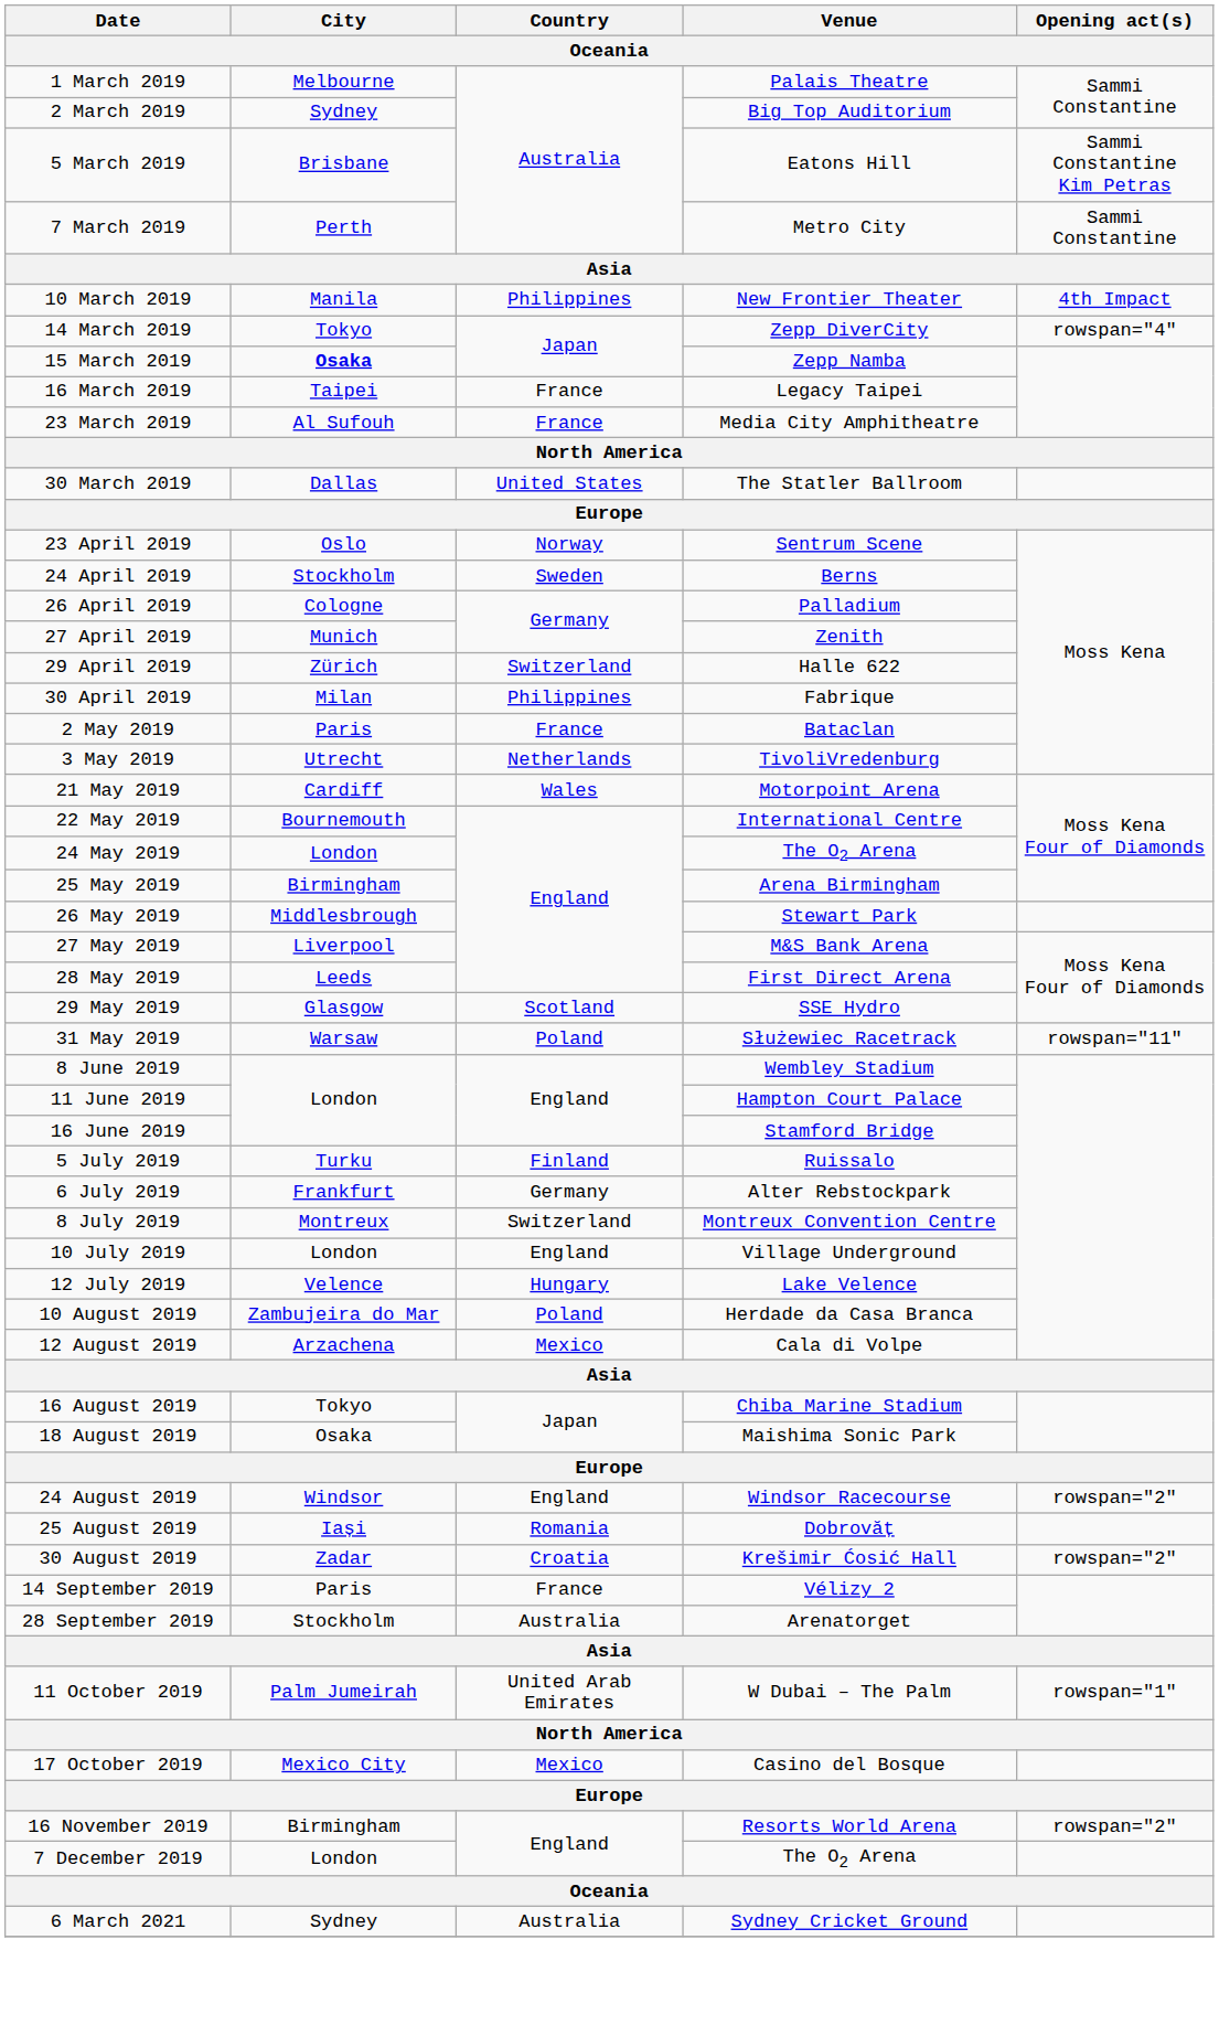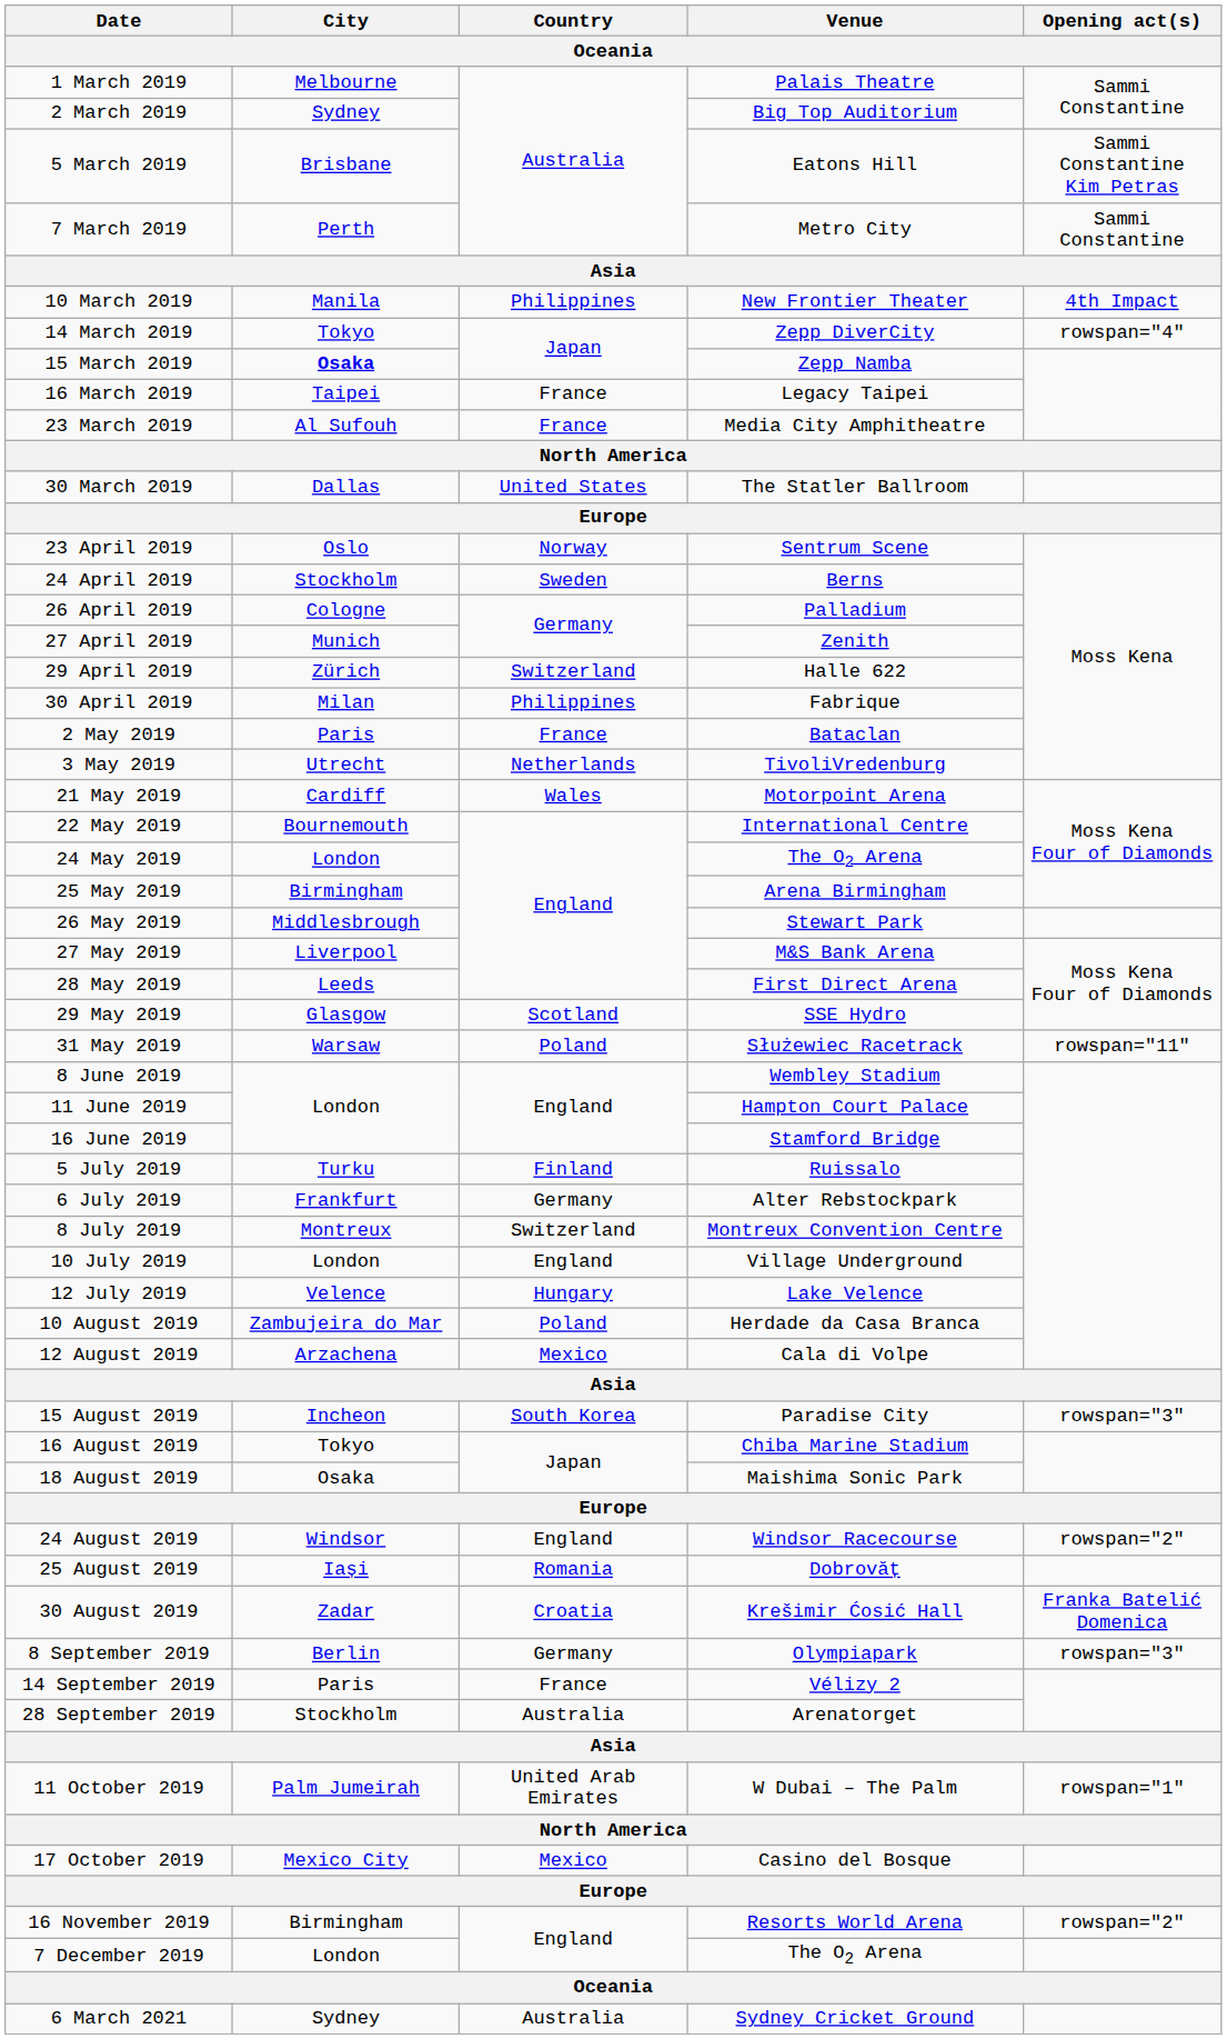 <table class="wikitable" style="text-align:center;">
 <tr>
 <th style="width:150px;">Date</th>
 <th style="width:150px;">City</th>
 <th style="width:150px;">Country</th>
 <th style="width:225px;">Venue</th>
 <th scope="col" style="width:10em;">Opening act(s)</th>
 </tr>
 <tr>
 <th scope="row" colspan="5">Oceania</th>
 </tr>
 <tr>
 <td>1 March 2019</td>
 <td><a href='#'>Melbourne</a></td>
 <td rowspan="4"><a href='#'>Australia</a></td>
 <td><a href='#'>Palais Theatre</a></td>
 <td rowspan="2">Sammi Constantine</td>
 </tr>
 <tr>
 <td>2 March 2019</td>
 <td><a href='#'>Sydney</a></td>
 <td><a href='#'>Big Top Auditorium</a></td>
 </tr>
 <tr>
 <td>5 March 2019</td>
 <td><a href='#'>Brisbane</a></td>
 <td>Eatons Hill</td>
 <td>Sammi Constantine<br><a href='#'>Kim Petras</a></td>
 </tr>
 <tr>
 <td>7 March 2019</td>
 <td><a href='#'>Perth</a></td>
 <td>Metro City</td>
 <td>Sammi Constantine</td>
 </tr>
 <tr>
 <th scope="row" colspan="5">Asia</th>
 </tr>
 <tr>
 <td>10 March 2019</td>
 <td><a href='#'>Manila</a></td>
 <td><a href='#'>Philippines</a></td>
 <td><a href='#'>New Frontier Theater</a></td>
 <td><a href='#'>4th Impact</a></td>
 </tr>
 <tr>
 <td>14 March 2019</td>
 <td><a href='#'>Tokyo</a></td>
 <td rowspan="2"><a href='#'>Japan</a></td>
 <td><a href='#'>Zepp DiverCity</a></td>
 <td>rowspan="4" </td>
 </tr>
 <tr>
 <td>15 March 2019</td>
 <td><strong><a href='#'>Osaka</a></strong></td>
 <td><a href='#'>Zepp Namba</a></td>
 </tr>
 <tr>
 <td>16 March 2019</td>
 <td><a href='#'>Taipei</a></td>
 <td>France</td>
 <td>Legacy Taipei</td>
 </tr>
 <tr>
 <td>23 March 2019</td>
 <td><a href='#'>Al Sufouh</a></td>
 <td><a href='#'>France</a></td>
 <td>Media City Amphitheatre</td>
 </tr>
 <tr>
 <th colspan="5">North America</th>
 </tr>
 <tr>
 <td>30 March 2019</td>
 <td><a href='#'>Dallas</a></td>
 <td><a href='#'>United States</a></td>
 <td>The Statler Ballroom</td>
 <td></td>
 </tr>
 <tr>
 <th scope="row" colspan="5">Europe</th>
 </tr>
 <tr>
 <td>23 April 2019</td>
 <td><a href='#'>Oslo</a></td>
 <td><a href='#'>Norway</a></td>
 <td><a href='#'>Sentrum Scene</a></td>
 <td rowspan="8">Moss Kena</td>
 </tr>
 <tr>
 <td>24 April 2019</td>
 <td><a href='#'>Stockholm</a></td>
 <td><a href='#'>Sweden</a></td>
 <td><a href='#'>Berns</a></td>
 </tr>
 <tr>
 <td>26 April 2019</td>
 <td><a href='#'>Cologne</a></td>
 <td rowspan="2"><a href='#'>Germany</a></td>
 <td><a href='#'>Palladium</a></td>
 </tr>
 <tr>
 <td>27 April 2019</td>
 <td><a href='#'>Munich</a></td>
 <td><a href='#'>Zenith</a></td>
 </tr>
 <tr>
 <td>29 April 2019</td>
 <td><a href='#'>Zürich</a></td>
 <td><a href='#'>Switzerland</a></td>
 <td>Halle 622</td>
 </tr>
 <tr>
 <td>30 April 2019</td>
 <td><a href='#'>Milan</a></td>
 <td><a href='#'>Philippines</a></td>
 <td>Fabrique</td>
 </tr>
 <tr>
 <td>2 May 2019</td>
 <td><a href='#'>Paris</a></td>
 <td><a href='#'>France</a></td>
 <td><a href='#'>Bataclan</a></td>
 </tr>
 <tr>
 <td>3 May 2019</td>
 <td><a href='#'>Utrecht</a></td>
 <td><a href='#'>Netherlands</a></td>
 <td><a href='#'>TivoliVredenburg</a></td>
 </tr>
 <tr>
 <td>21 May 2019</td>
 <td><a href='#'>Cardiff</a></td>
 <td><a href='#'>Wales</a></td>
 <td><a href='#'>Motorpoint Arena</a></td>
 <td rowspan="4">Moss Kena<br><a href='#'>Four of Diamonds</a></td>
 </tr>
 <tr>
 <td>22 May 2019</td>
 <td><a href='#'>Bournemouth</a></td>
 <td rowspan="6"><a href='#'>England</a></td>
 <td><a href='#'>International Centre</a></td>
 </tr>
 <tr>
 <td>24 May 2019</td>
 <td><a href='#'>London</a></td>
 <td><a href='#'>The O<sub>2</sub> Arena</a></td>
 </tr>
 <tr>
 <td>25 May 2019</td>
 <td><a href='#'>Birmingham</a></td>
 <td><a href='#'>Arena Birmingham</a></td>
 </tr>
 <tr>
 <td>26 May 2019</td>
 <td><a href='#'>Middlesbrough</a></td>
 <td><a href='#'>Stewart Park</a></td>
 <td></td>
 </tr>
 <tr>
 <td>27 May 2019</td>
 <td><a href='#'>Liverpool</a></td>
 <td><a href='#'>M&S Bank Arena</a></td>
 <td rowspan="3">Moss Kena<br>Four of Diamonds</td>
 </tr>
 <tr>
 <td>28 May 2019</td>
 <td><a href='#'>Leeds</a></td>
 <td><a href='#'>First Direct Arena</a></td>
 </tr>
 <tr>
 <td>29 May 2019</td>
 <td><a href='#'>Glasgow</a></td>
 <td><a href='#'>Scotland</a></td>
 <td><a href='#'>SSE Hydro</a></td>
 </tr>
 <tr>
 <td>31 May 2019</td>
 <td><a href='#'>Warsaw</a></td>
 <td><a href='#'>Poland</a></td>
 <td><a href='#'>Służewiec Racetrack</a></td>
 <td>rowspan="11" </td>
 </tr>
 <tr>
 <td>8 June 2019</td>
 <td rowspan="3">London</td>
 <td rowspan="3">England</td>
 <td><a href='#'>Wembley Stadium</a></td>
 </tr>
 <tr>
 <td>11 June 2019</td>
 <td><a href='#'>Hampton Court Palace</a></td>
 </tr>
 <tr>
 <td>16 June 2019</td>
 <td><a href='#'>Stamford Bridge</a></td>
 </tr>
 <tr>
 <td>5 July 2019</td>
 <td><a href='#'>Turku</a></td>
 <td><a href='#'>Finland</a></td>
 <td><a href='#'>Ruissalo</a></td>
 </tr>
 <tr>
 <td>6 July 2019</td>
 <td><a href='#'>Frankfurt</a></td>
 <td>Germany</td>
 <td>Alter Rebstockpark</td>
 </tr>
 <tr>
 <td>8 July 2019</td>
 <td><a href='#'>Montreux</a></td>
 <td>Switzerland</td>
 <td><a href='#'>Montreux Convention Centre</a></td>
 </tr>
 <tr>
 <td>10 July 2019</td>
 <td>London</td>
 <td>England</td>
 <td>Village Underground</td>
 </tr>
 <tr>
 <td>12 July 2019</td>
 <td><a href='#'>Velence</a></td>
 <td><a href='#'>Hungary</a></td>
 <td><a href='#'>Lake Velence</a></td>
 </tr>
 <tr>
 <td>10 August 2019</td>
 <td><a href='#'>Zambujeira do Mar</a></td>
 <td><a href='#'>Poland</a></td>
 <td>Herdade da Casa Branca</td>
 </tr>
 <tr>
 <td>12 August 2019</td>
 <td><a href='#'>Arzachena</a></td>
 <td><a href='#'>Mexico</a></td>
 <td>Cala di Volpe</td>
 </tr>
 <tr>
 <th scope="row" colspan="5">Asia</th>
 </tr>
 <tr>
+<td>15 August 2019</td>
+<td><a href='#'>Incheon</a></td>
+<td><a href='#'>South Korea</a></td>
+<td>Paradise City</td>
+<td>rowspan="3" </td>
+</tr>
+<tr>
 <td>16 August 2019</td>
 <td>Tokyo</td>
 <td rowspan="2">Japan</td>
 <td><a href='#'>Chiba Marine Stadium</a></td>
 </tr>
 <tr>
 <td>18 August 2019</td>
 <td>Osaka</td>
 <td>Maishima Sonic Park</td>
 </tr>
 <tr>
 <th colspan="5">Europe</th>
 </tr>
 <tr>
 <td>24 August 2019</td>
 <td><a href='#'>Windsor</a></td>
 <td>England</td>
 <td><a href='#'>Windsor Racecourse</a></td>
 <td>rowspan="2" </td>
 </tr>
 <tr>
 <td>25 August 2019</td>
 <td><a href='#'>Iași</a></td>
 <td><a href='#'>Romania</a></td>
 <td><a href='#'>Dobrovăț</a></td>
 </tr>
 <tr>
 <td>30 August 2019</td>
 <td><a href='#'>Zadar</a></td>
 <td><a href='#'>Croatia</a></td>
 <td><a href='#'>Krešimir Ćosić Hall</a></td>
-<td>rowspan="2" </td>
+<td><a href='#'>Franka Batelić</a><br><a href='#'>Domenica</a></td>
+</tr>
+<tr>
+<td>8 September 2019</td>
+<td><a href='#'>Berlin</a></td>
+<td>Germany</td>
+<td><a href='#'>Olympiapark</a></td>
+<td>rowspan="3" </td>
 </tr>
 <tr>
 <td>14 September 2019</td>
 <td>Paris</td>
 <td>France</td>
 <td><a href='#'>Vélizy 2</a></td>
 </tr>
 <tr>
 <td>28 September 2019</td>
 <td>Stockholm</td>
 <td>Australia</td>
 <td>Arenatorget</td>
 </tr>
 <tr>
 <th scope="row" colspan="5">Asia</th>
 </tr>
 <tr>
 <td>11 October 2019</td>
 <td><a href='#'>Palm Jumeirah</a></td>
 <td>United Arab Emirates</td>
 <td>W Dubai – The Palm</td>
 <td>rowspan="1" </td>
 </tr>
 <tr>
 <th scope="row" colspan="5">North America</th>
 </tr>
 <tr>
 <td>17 October 2019</td>
 <td><a href='#'>Mexico City</a></td>
 <td><a href='#'>Mexico</a></td>
 <td>Casino del Bosque</td>
 <td></td>
 </tr>
 <tr>
 <th scope="row" colspan="5">Europe</th>
 </tr>
 <tr>
 <td>16 November 2019</td>
 <td>Birmingham</td>
 <td rowspan="2">England</td>
 <td><a href='#'>Resorts World Arena</a></td>
 <td>rowspan="2" </td>
 </tr>
 <tr>
 <td>7 December 2019</td>
 <td>London</td>
 <td>The O<sub>2</sub> Arena</td>
 </tr>
 <tr>
 <th scope="row" colspan="5">Oceania</th>
 </tr>
 <tr>
 <td>6 March 2021</td>
 <td>Sydney</td>
 <td>Australia</td>
 <td><a href='#'>Sydney Cricket Ground</a></td>
 <td></td>
 </tr>
 <tr>
 </tr>
 </table>
